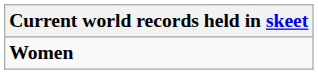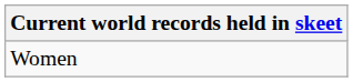 <table class="wikitable" style="font-size: 95%">
 <tr>
 <th colspan=7>Current world records held in <a href='#'>skeet</a></th>
 </tr>
 <tr>
-<td rowspan=1><strong>Women<br></strong></td>
+<td rowspan=1>Women<br></td>
 </tr>
 </table>
